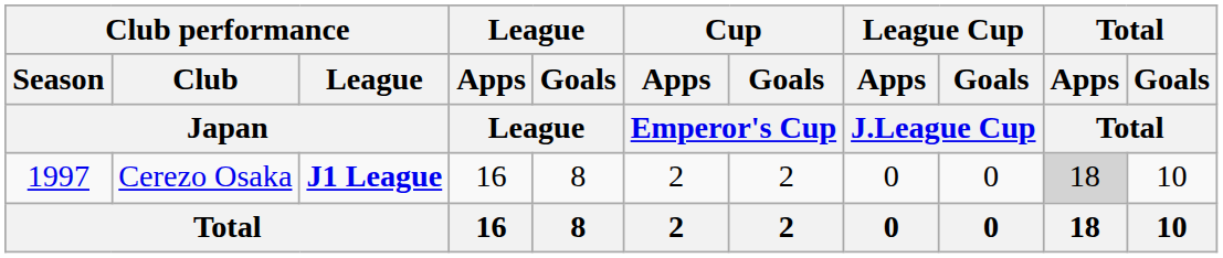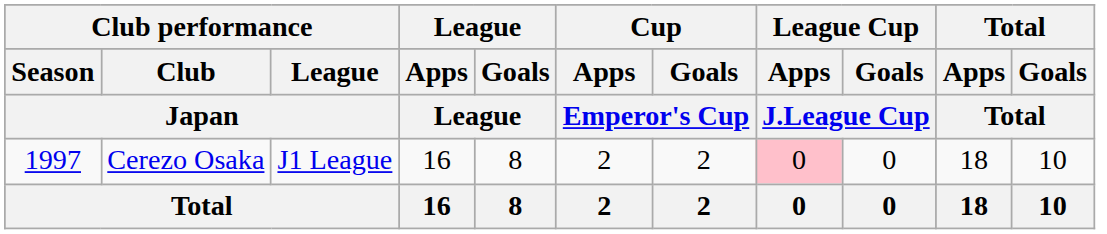 <table class="wikitable" style="text-align:center;">
 <tr>
 <th colspan=3>Club performance</th>
 <th colspan=2>League</th>
 <th colspan=2>Cup</th>
 <th colspan=2>League Cup</th>
 <th colspan=2>Total</th>
 </tr>
 <tr>
 <th>Season</th>
 <th>Club</th>
 <th>League</th>
 <th>Apps</th>
 <th>Goals</th>
 <th>Apps</th>
 <th>Goals</th>
 <th>Apps</th>
 <th>Goals</th>
 <th>Apps</th>
 <th>Goals</th>
 </tr>
 <tr>
 <th colspan=3>Japan</th>
 <th colspan=2>League</th>
 <th colspan=2><a href='#'>Emperor's Cup</a></th>
 <th colspan=2><a href='#'>J.League Cup</a></th>
 <th colspan=2>Total</th>
 </tr>
 <tr>
 <td><a href='#'>1997</a></td>
 <td><a href='#'>Cerezo Osaka</a></td>
-<td><strong><a href='#'>J1 League</a></strong></td>
+<td><a href='#'>J1 League</a></td>
 <td>16</td>
 <td>8</td>
 <td>2</td>
 <td>2</td>
+<td style="background: pink;">0</td>
 <td>0</td>
-<td>0</td>
-<td style="background: lightgrey;">18</td>
+<td>18</td>
 <td>10</td>
 </tr>
 <tr>
 <th colspan=3>Total</th>
 <th>16</th>
 <th>8</th>
 <th>2</th>
 <th>2</th>
 <th>0</th>
 <th>0</th>
 <th>18</th>
 <th>10</th>
 </tr>
 </table>
